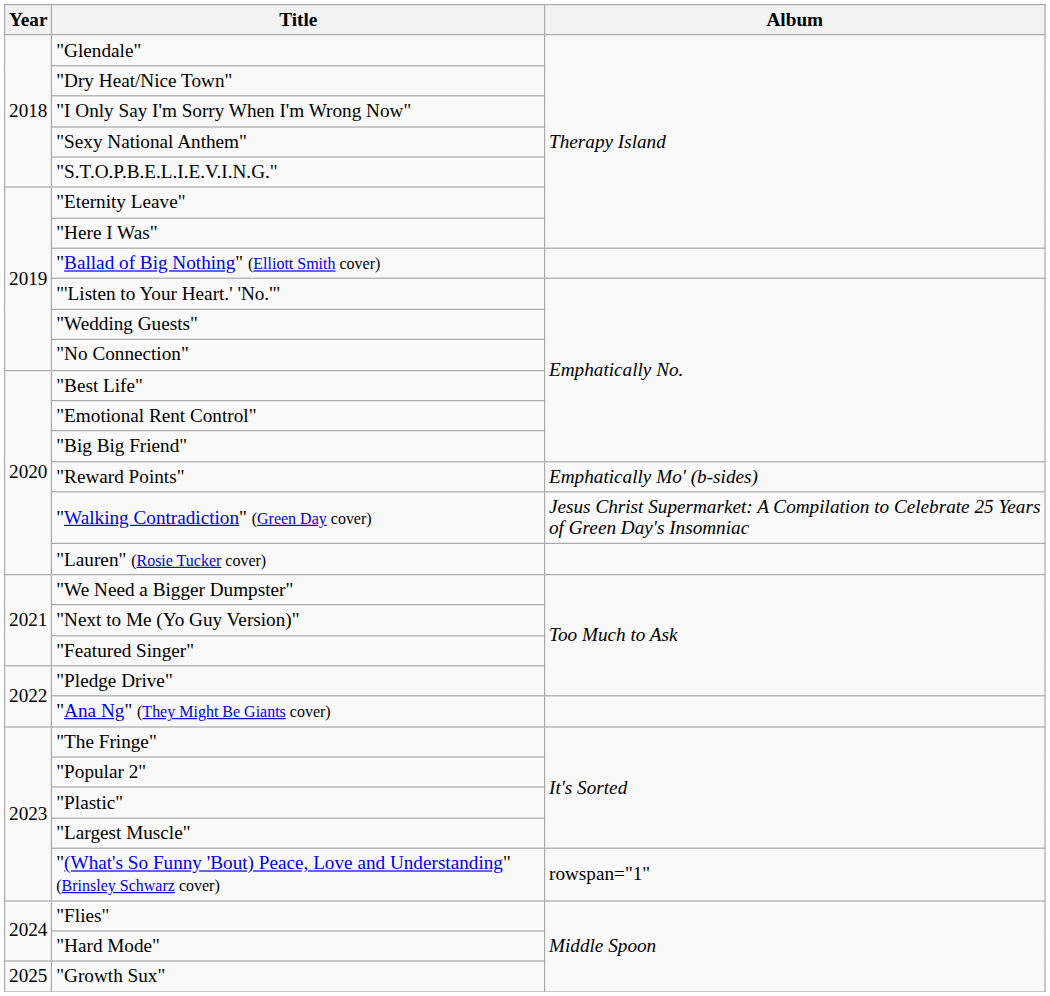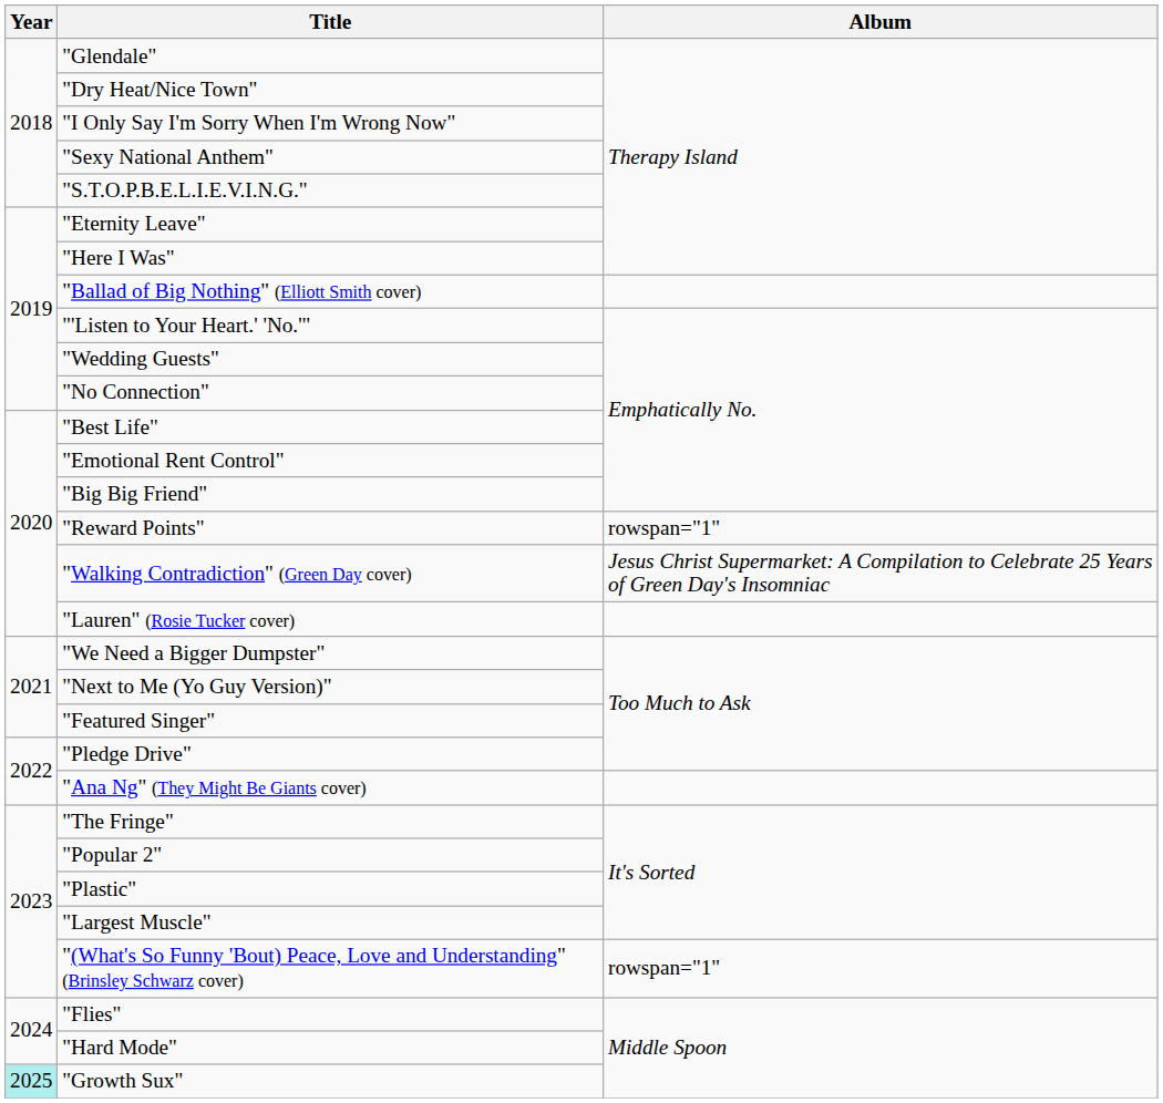 <table class="wikitable">
 <tr>
 <th>Year</th>
 <th>Title</th>
 <th>Album</th>
 </tr>
 <tr>
 <td rowspan="5">2018</td>
 <td>"Glendale"</td>
 <td rowspan="7"><em>Therapy Island</em></td>
 </tr>
 <tr>
 <td>"Dry Heat/Nice Town"</td>
 </tr>
 <tr>
 <td>"I Only Say I'm Sorry When I'm Wrong Now"</td>
 </tr>
 <tr>
 <td>"Sexy National Anthem"</td>
 </tr>
 <tr>
 <td>"S.T.O.P.B.E.L.I.E.V.I.N.G."</td>
 </tr>
 <tr>
 <td rowspan="6">2019</td>
 <td>"Eternity Leave"</td>
 </tr>
 <tr>
 <td>"Here I Was"</td>
 </tr>
 <tr>
 <td>"<a href='#'>Ballad of Big Nothing</a>" <small>(<a href='#'>Elliott Smith</a> cover)</small></td>
 <td></td>
 </tr>
 <tr>
 <td>"'Listen to Your Heart.' 'No.'"</td>
 <td rowspan="6"><em>Emphatically No.</em></td>
 </tr>
 <tr>
 <td>"Wedding Guests"</td>
 </tr>
 <tr>
 <td>"No Connection"</td>
 </tr>
 <tr>
 <td rowspan="6">2020</td>
 <td>"Best Life"</td>
 </tr>
 <tr>
 <td>"Emotional Rent Control"</td>
 </tr>
 <tr>
 <td>"Big Big Friend"</td>
 </tr>
 <tr>
 <td>"Reward Points"</td>
-<td><em>Emphatically Mo' (b-sides)</em></td>
+<td>rowspan="1" </td>
 </tr>
 <tr>
 <td>"<a href='#'>Walking Contradiction</a>" <small>(<a href='#'>Green Day</a> cover)</small></td>
 <td><em>Jesus Christ Supermarket: A Compilation to Celebrate 25 Years of Green Day's Insomniac</em></td>
 </tr>
 <tr>
 <td>"Lauren" <small>(<a href='#'>Rosie Tucker</a> cover)</small></td>
 <td></td>
 </tr>
 <tr>
 <td rowspan="3">2021</td>
 <td>"We Need a Bigger Dumpster"</td>
 <td rowspan="4"><em>Too Much to Ask</em></td>
 </tr>
 <tr>
 <td>"Next to Me (Yo Guy Version)"</td>
 </tr>
 <tr>
 <td>"Featured Singer"</td>
 </tr>
 <tr>
 <td rowspan="2">2022</td>
 <td>"Pledge Drive"</td>
 </tr>
 <tr>
 <td>"<a href='#'>Ana Ng</a>" <small>(<a href='#'>They Might Be Giants</a> cover)</small></td>
 <td></td>
 </tr>
 <tr>
 <td rowspan="5">2023</td>
 <td>"The Fringe"</td>
 <td rowspan="4"><em>It's Sorted</em></td>
 </tr>
 <tr>
 <td>"Popular 2"</td>
 </tr>
 <tr>
 <td>"Plastic"</td>
 </tr>
 <tr>
 <td>"Largest Muscle"</td>
 </tr>
 <tr>
 <td>"<a href='#'>(What's So Funny 'Bout) Peace, Love and Understanding</a>" <small>(<a href='#'>Brinsley Schwarz</a> cover)</small></td>
 <td>rowspan="1" </td>
 </tr>
 <tr>
 <td rowspan="2">2024</td>
 <td>"Flies"</td>
 <td rowspan="3"><em>Middle Spoon</em></td>
 </tr>
 <tr>
 <td>"Hard Mode"</td>
 </tr>
 <tr>
-<td>2025</td>
+<td style="background: paleturquoise;">2025</td>
 <td>"Growth Sux"</td>
 </tr>
 <tr>
 </tr>
 </table>
